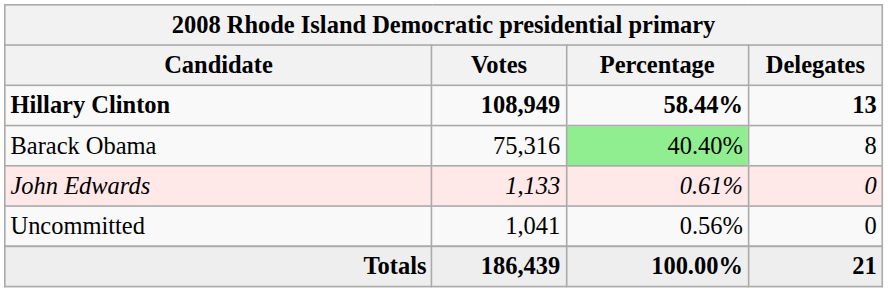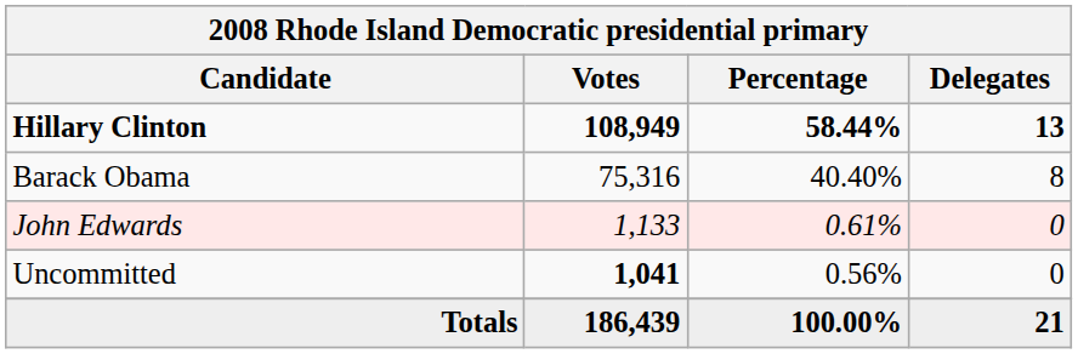 <table class="wikitable" style="font-size:95%; text-align:right;">
 <tr>
 <th colspan="4">2008 Rhode Island Democratic presidential primary</th>
 </tr>
 <tr>
 <th style="width: 17em">Candidate</th>
 <th style="width: 5em">Votes</th>
 <th style="width: 7em">Percentage</th>
 <th style="width: 5em">Delegates</th>
 </tr>
 <tr>
 <td align="left"><strong>Hillary Clinton</strong></td>
 <td><strong>108,949</strong></td>
 <td><strong>58.44%</strong></td>
 <td><strong>13</strong></td>
 </tr>
 <tr>
 <td align="left">Barack Obama</td>
 <td>75,316</td>
-<td style="background: lightgreen;">40.40%</td>
+<td>40.40%</td>
 <td>8</td>
 </tr>
 <tr bgcolor=#FFE8E8>
 <td align="left"><em>John Edwards</em></td>
 <td><em>1,133</em></td>
 <td><em>0.61%</em></td>
 <td><em>0</em></td>
 </tr>
 <tr>
 <td align="left">Uncommitted</td>
-<td>1,041</td>
+<td><strong>1,041</strong></td>
 <td>0.56%</td>
 <td>0</td>
 </tr>
 <tr>
 </tr>
 <tr bgcolor="#EEEEEE" style="margin-right:0.5em">
 <td><strong>Totals</strong></td>
 <td><strong>186,439</strong></td>
 <td><strong>100.00%</strong></td>
 <td><strong>21</strong></td>
 </tr>
 </table>
